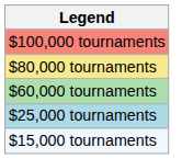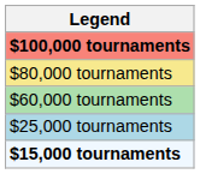 <table class="wikitable" style="font-size:85%">
 <tr>
 <th>Legend</th>
 </tr>
 <tr style="background:#f88379;">
-<td>$100,000 tournaments</td>
+<td><strong>$100,000 tournaments</strong></td>
 </tr>
 <tr style="background:#f7e98e;">
 <td>$80,000 tournaments</td>
 </tr>
 <tr style="background:#addfad;">
 <td>$60,000 tournaments</td>
 </tr>
 <tr style="background:lightblue;">
 <td>$25,000 tournaments</td>
 </tr>
 <tr style="background:#f0f8ff;">
-<td>$15,000 tournaments</td>
+<td><strong>$15,000 tournaments</strong></td>
 </tr>
 </table>
